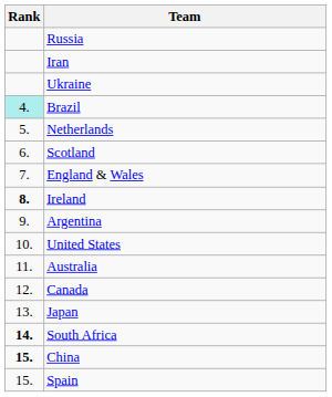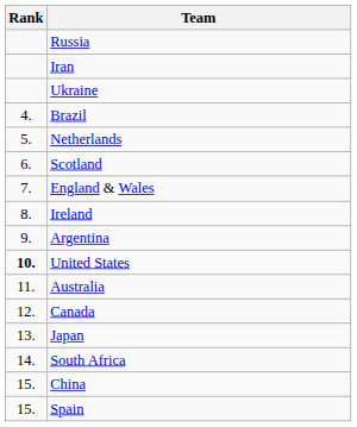 <table class="wikitable" style="font-size:95%;">
 <tr>
 <th>Rank</th>
 <th align="left" style="width: 20em">Team</th>
 </tr>
 <tr>
 <td align="center"></td>
 <td> <a href='#'>Russia</a></td>
 </tr>
 <tr>
 <td align="center"></td>
 <td> <a href='#'>Iran</a></td>
 </tr>
 <tr>
 <td align="center"></td>
 <td> <a href='#'>Ukraine</a></td>
 </tr>
 <tr>
-<td rowspan=1 align="center" style="background: paleturquoise;">4.</td>
+<td rowspan=1 align="center">4.</td>
 <td> <a href='#'>Brazil</a></td>
 </tr>
 <tr>
 <td rowspan=1 align="center">5.</td>
 <td> <a href='#'>Netherlands</a></td>
 </tr>
 <tr>
 <td rowspan=1 align="center">6.</td>
 <td> <a href='#'>Scotland</a></td>
 </tr>
 <tr>
 <td rowspan=1 align="center">7.</td>
 <td> <a href='#'>England</a> &  <a href='#'>Wales</a></td>
 </tr>
 <tr>
-<td rowspan=1 align="center"><strong>8.</strong></td>
+<td rowspan=1 align="center">8.</td>
 <td> <a href='#'>Ireland</a></td>
 </tr>
 <tr>
 <td rowspan=1 align="center">9.</td>
 <td> <a href='#'>Argentina</a></td>
 </tr>
 <tr>
-<td rowspan=1 align="center">10.</td>
+<td rowspan=1 align="center"><strong>10.</strong></td>
 <td> <a href='#'>United States</a></td>
 </tr>
 <tr>
 <td rowspan=1 align="center">11.</td>
 <td> <a href='#'>Australia</a></td>
 </tr>
 <tr>
 <td rowspan=1 align="center">12.</td>
 <td> <a href='#'>Canada</a></td>
 </tr>
 <tr>
 <td rowspan=1 align="center">13.</td>
 <td> <a href='#'>Japan</a></td>
 </tr>
 <tr>
-<td rowspan=1 align="center"><strong>14.</strong></td>
+<td rowspan=1 align="center">14.</td>
 <td> <a href='#'>South Africa</a></td>
 </tr>
 <tr>
-<td rowspan=1 align="center"><strong>15.</strong></td>
+<td rowspan=1 align="center">15.</td>
 <td> <a href='#'>China</a></td>
 </tr>
 <tr>
 <td rowspan=1 align="center">15.</td>
 <td> <a href='#'>Spain</a></td>
 </tr>
 </table>
